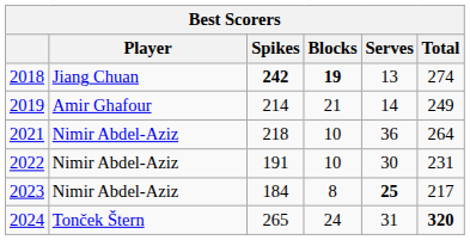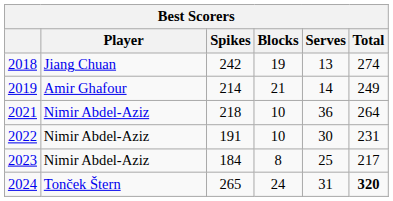 <table class="wikitable sortable" style=font-size:90%>
 <tr>
 <th colspan=6>Best Scorers</th>
 </tr>
 <tr>
 <th></th>
 <th width=158>Player</th>
 <th width=20>Spikes</th>
 <th width=20>Blocks</th>
 <th width=20>Serves</th>
 <th width=20>Total</th>
 </tr>
 <tr>
 <td><a href='#'>2018</a></td>
 <td> <a href='#'>Jiang Chuan</a></td>
-<td align=center><strong>242</strong></td>
-<td align=center><strong>19</strong></td>
+<td align=center>242</td>
+<td align=center>19</td>
 <td align=center>13</td>
 <td align=center>274</td>
 </tr>
 <tr>
 <td><a href='#'>2019</a></td>
 <td> <a href='#'>Amir Ghafour</a></td>
 <td align=center>214</td>
 <td align=center>21</td>
 <td align=center>14</td>
 <td align=center>249</td>
 </tr>
 <tr>
 <td><a href='#'>2021</a></td>
 <td> <a href='#'>Nimir Abdel-Aziz</a></td>
 <td align=center>218</td>
 <td align=center>10</td>
 <td align=center>36</td>
 <td align=center>264</td>
 </tr>
 <tr>
 <td><a href='#'>2022</a></td>
 <td> Nimir Abdel-Aziz</td>
 <td align=center>191</td>
 <td align=center>10</td>
 <td align=center>30</td>
 <td align=center>231</td>
 </tr>
 <tr>
 <td><a href='#'>2023</a></td>
 <td> Nimir Abdel-Aziz</td>
 <td align=center>184</td>
 <td align=center>8</td>
-<td align=center><strong>25</strong></td>
+<td align=center>25</td>
 <td align=center>217</td>
 </tr>
 <tr>
 <td><a href='#'>2024</a></td>
 <td> <a href='#'>Tonček Štern</a></td>
 <td align=center>265</td>
 <td align=center>24</td>
 <td align=center>31</td>
 <td align=center><strong>320</strong></td>
 </tr>
 </table>
